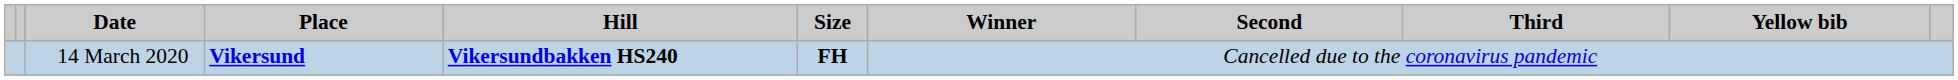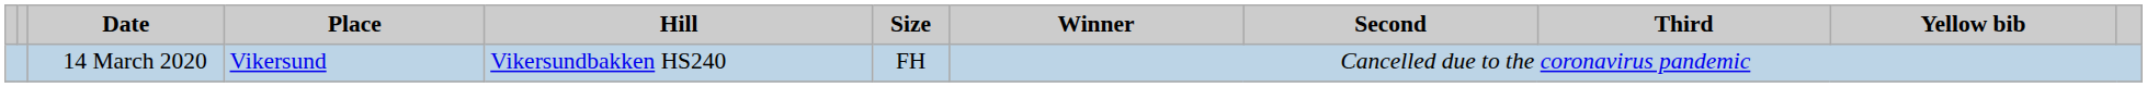 <table class="wikitable plainrowheaders" style="background:#fff; font-size:86%; line-height:16px; border:grey solid 1px; border-collapse:collapse;">
 <tr style="background:#ccc; text-align:center;">
 <th scope="col" style="background:#ccc; width=20 px;"></th>
 <th scope="col" style="background:#ccc; width=30 px;"></th>
 <th scope="col" style="background:#ccc; width:120px;">Date</th>
 <th scope="col" style="background:#ccc; width:160px;">Place</th>
 <th scope="col" style="background:#ccc; width:240px;">Hill</th>
 <th scope="col" style="background:#ccc; width:40px;">Size</th>
 <th scope="col" style="background:#ccc; width:185px;">Winner</th>
 <th scope="col" style="background:#ccc; width:185px;">Second</th>
 <th scope="col" style="background:#ccc; width:185px;">Third</th>
 <th scope="col" style="background:#ccc; width:180px;">Yellow bib</th>
 <th scope="col" style="background:#ccc; width:10px;"></th>
 </tr>
 <tr bgcolor=#BCD4E6>
 <td colspan=2></td>
 <td align=right>14 March 2020  </td>
-<td><strong> <a href='#'>Vikersund</a></strong></td>
-<td><strong><a href='#'>Vikersundbakken</a> HS240</strong></td>
-<td align=center><strong>FH</strong></td>
+<td> <a href='#'>Vikersund</a></td>
+<td><a href='#'>Vikersundbakken</a> HS240</td>
+<td align=center>FH</td>
 <td colspan=5 align=center><em>Cancelled due to the <a href='#'>coronavirus pandemic</a></em></td>
 </tr>
 </table>
